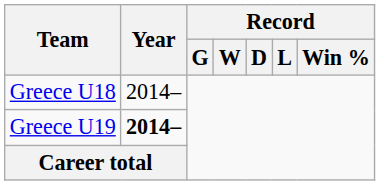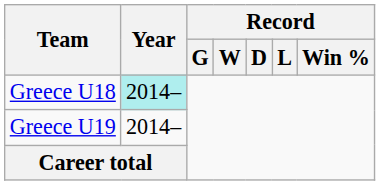 <table class="wikitable" style="text-align: center">
 <tr>
 <th rowspan="2">Team</th>
 <th rowspan="2">Year</th>
 <th colspan="5">Record</th>
 </tr>
 <tr>
 <th>G</th>
 <th>W</th>
 <th>D</th>
 <th>L</th>
 <th>Win %</th>
 </tr>
 <tr>
 <td align="left"><a href='#'>Greece U18</a></td>
-<td>2014–<br></td>
+<td style="background: paleturquoise;">2014–<br></td>
 </tr>
 <tr>
 <td align="left"><a href='#'>Greece U19</a></td>
-<td><strong>2014–<br></strong></td>
+<td>2014–<br></td>
 </tr>
 <tr>
 <th colspan="2">Career total<br></th>
 </tr>
 </table>
